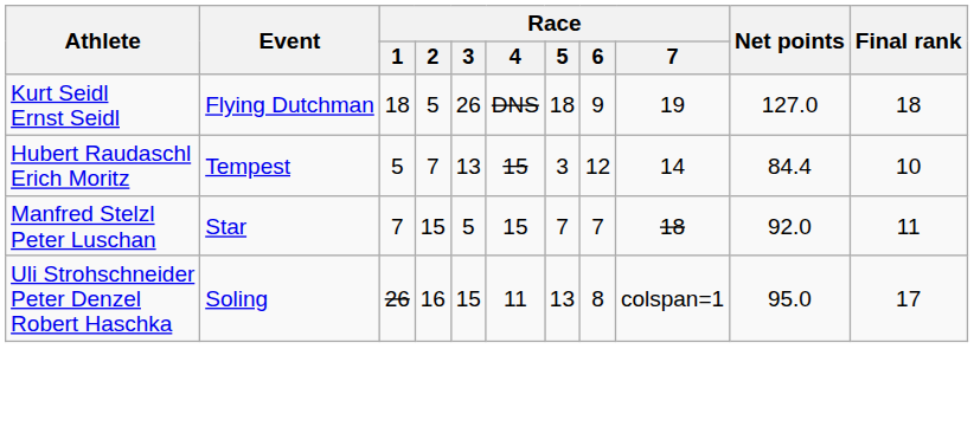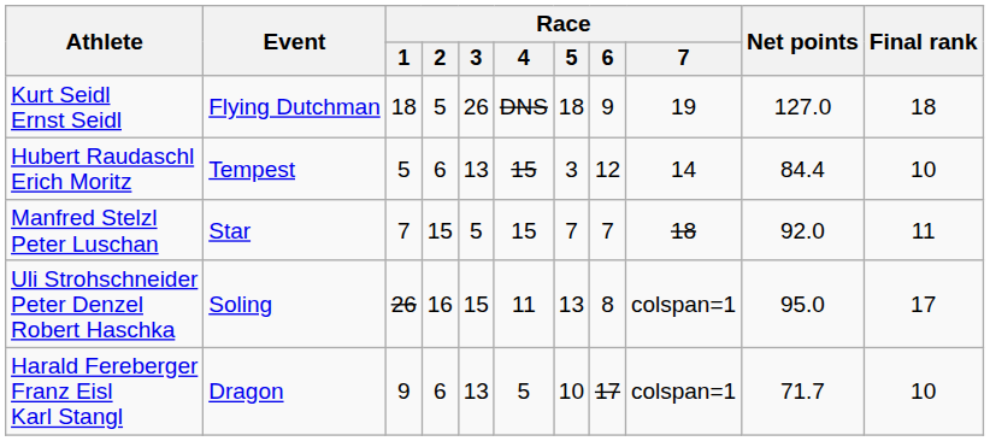 <table class="wikitable" style="font-size:90%">
 <tr>
 <th rowspan="2">Athlete</th>
 <th rowspan="2">Event</th>
 <th colspan=7>Race</th>
 <th rowspan=2>Net points</th>
 <th rowspan=2>Final rank</th>
 </tr>
 <tr style="font-size:95%">
 <th>1</th>
 <th>2</th>
 <th>3</th>
 <th>4</th>
 <th>5</th>
 <th>6</th>
 <th>7</th>
 </tr>
 <tr align=center>
 <td align=left><a href='#'>Kurt Seidl</a><br><a href='#'>Ernst Seidl</a></td>
 <td align=left><a href='#'>Flying Dutchman</a></td>
 <td>18</td>
 <td>5</td>
 <td>26</td>
 <td><s>DNS</s></td>
 <td>18</td>
 <td>9</td>
 <td>19</td>
 <td>127.0</td>
 <td>18</td>
 </tr>
 <tr align=center>
 <td align=left><a href='#'>Hubert Raudaschl</a><br><a href='#'>Erich Moritz</a></td>
 <td align=left><a href='#'>Tempest</a></td>
 <td>5</td>
-<td>7</td>
+<td>6</td>
 <td>13</td>
 <td><s>15</s></td>
 <td>3</td>
 <td>12</td>
 <td>14</td>
 <td>84.4</td>
 <td>10</td>
 </tr>
 <tr align=center>
 <td align=left><a href='#'>Manfred Stelzl</a><br><a href='#'>Peter Luschan</a></td>
 <td align=left><a href='#'>Star</a></td>
 <td>7</td>
 <td>15</td>
 <td>5</td>
 <td>15</td>
 <td>7</td>
 <td>7</td>
 <td><s>18</s></td>
 <td>92.0</td>
 <td>11</td>
 </tr>
 <tr align=center>
 <td align=left><a href='#'>Uli Strohschneider</a><br><a href='#'>Peter Denzel</a><br><a href='#'>Robert Haschka</a></td>
 <td align=left><a href='#'>Soling</a></td>
 <td><s>26</s></td>
 <td>16</td>
 <td>15</td>
 <td>11</td>
 <td>13</td>
 <td>8</td>
 <td>colspan=1 </td>
 <td>95.0</td>
 <td>17</td>
 </tr>
+<tr align=center>
+<td align=left><a href='#'>Harald Fereberger</a><br><a href='#'>Franz Eisl</a><br><a href='#'>Karl Stangl</a></td>
+<td align=left><a href='#'>Dragon</a></td>
+<td>9</td>
+<td>6</td>
+<td>13</td>
+<td>5</td>
+<td>10</td>
+<td><s>17</s></td>
+<td>colspan=1 </td>
+<td>71.7</td>
+<td>10</td>
+</tr>
 </table>
